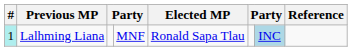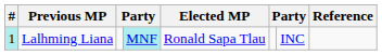 <table class="wikitable">
 <tr>
 <th>#</th>
 <th>Previous MP</th>
 <th colspan=2>Party</th>
 <th>Elected MP</th>
 <th colspan=2>Party</th>
 <th>Reference</th>
 </tr>
 <tr style="text-align:center;">
 <td style="background: paleturquoise;">1</td>
 <td><a href='#'>Lalhming Liana</a></td>
 <td></td>
-<td><a href='#'>MNF</a></td>
+<td style="background: paleturquoise;"><a href='#'>MNF</a></td>
 <td><a href='#'>Ronald Sapa Tlau</a></td>
 <td></td>
-<td style="background: lightblue;"><a href='#'>INC</a></td>
+<td><a href='#'>INC</a></td>
 <td rowspan=1></td>
 </tr>
 </table>
